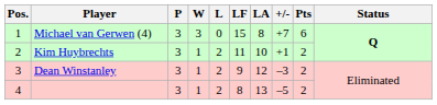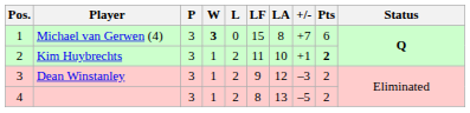 <table class="wikitable" style="text-align:center; margin: 1em auto 1em auto, align:left">
 <tr>
 <th width=20>Pos.</th>
 <th width=175>Player</th>
 <th width=20>P</th>
 <th width=20>W</th>
 <th width=20>L</th>
 <th width=20>LF</th>
 <th width=20>LA</th>
 <th width=20>+/-</th>
 <th width=20>Pts</th>
 <th width=150>Status</th>
 </tr>
 <tr style="background:#CCFFCC;">
 <td>1</td>
 <td style="text-align:left;"> <a href='#'>Michael van Gerwen</a> (4)</td>
 <td>3</td>
-<td>3</td>
+<td><strong>3</strong></td>
 <td>0</td>
 <td>15</td>
 <td>8</td>
 <td>+7</td>
 <td>6</td>
 <td rowspan=2><strong>Q</strong></td>
 </tr>
 <tr style="background:#CCFFCC;">
 <td>2</td>
 <td style="text-align:left;"> <a href='#'>Kim Huybrechts</a></td>
 <td>3</td>
 <td>1</td>
 <td>2</td>
 <td>11</td>
 <td>10</td>
 <td>+1</td>
-<td>2</td>
+<td><strong>2</strong></td>
 </tr>
 <tr style="background:#FFCCCC;">
 <td>3</td>
 <td style="text-align:left;"> <a href='#'>Dean Winstanley</a></td>
 <td>3</td>
 <td>1</td>
 <td>2</td>
 <td>9</td>
 <td>12</td>
 <td>–3</td>
 <td>2</td>
 <td rowspan=2>Eliminated</td>
 </tr>
 <tr style="background:#FFCCCC;">
 <td>4</td>
 <td style="text-align:left;"></td>
 <td>3</td>
 <td>1</td>
 <td>2</td>
 <td>8</td>
 <td>13</td>
 <td>–5</td>
 <td>2</td>
 </tr>
 </table>
